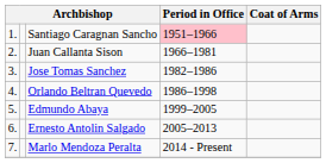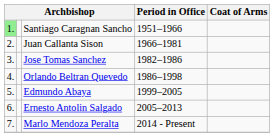 <table class="wikitable">
 <tr>
 <th colspan=3>Archbishop</th>
 <th>Period in Office</th>
 <th>Coat of Arms</th>
 </tr>
 <tr>
-<td>1.</td>
+<td style="background: lightgreen;">1.</td>
 <td></td>
 <td>Santiago Caragnan Sancho</td>
-<td style="background: pink;">1951–1966</td>
+<td>1951–1966</td>
 <td></td>
 </tr>
 <tr>
 <td>2.</td>
 <td></td>
 <td>Juan Callanta Sison</td>
 <td>1966–1981</td>
 <td></td>
 </tr>
 <tr>
 <td>3.</td>
 <td></td>
 <td><a href='#'>Jose Tomas Sanchez</a></td>
 <td>1982–1986</td>
 <td></td>
 </tr>
 <tr>
 <td>4.</td>
 <td></td>
 <td><a href='#'>Orlando Beltran Quevedo</a></td>
 <td>1986–1998</td>
 <td></td>
 </tr>
 <tr>
 <td>5.</td>
 <td></td>
 <td><a href='#'>Edmundo Abaya</a></td>
 <td>1999–2005</td>
 <td></td>
 </tr>
 <tr>
 <td>6.</td>
 <td></td>
 <td><a href='#'>Ernesto Antolin Salgado</a></td>
 <td>2005–2013</td>
 <td></td>
 </tr>
 <tr>
 <td>7.</td>
 <td></td>
 <td><a href='#'>Marlo Mendoza Peralta</a></td>
 <td>2014 - Present</td>
 <td></td>
 </tr>
 <tr>
 </tr>
 </table>
